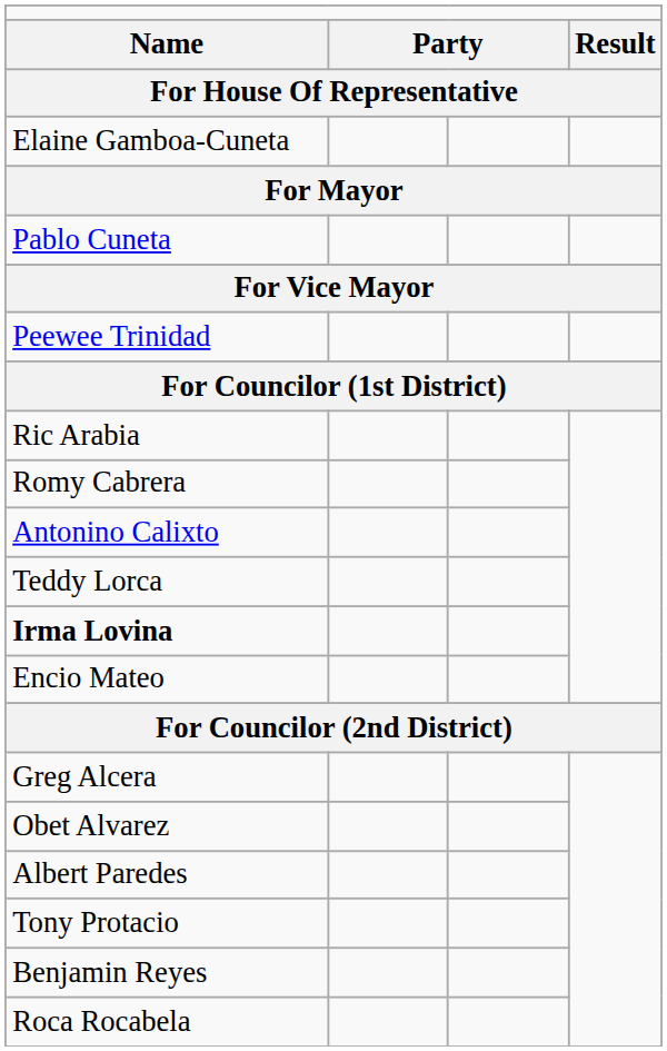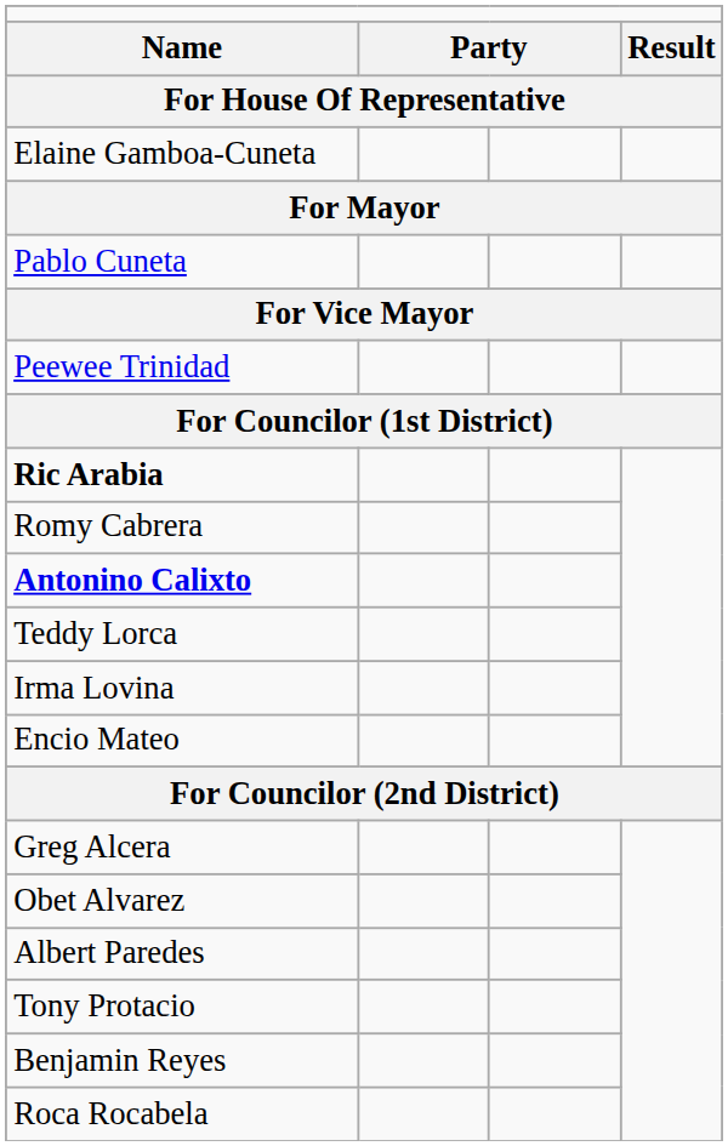 <table class="wikitable" style="font-size:90%">
 <tr>
 <td colspan="5"></td>
 </tr>
 <tr>
 <th width="150px">Name</th>
 <th colspan="2" width="110px">Party</th>
 <th>Result</th>
 </tr>
 <tr>
 <th colspan="5">For House Of Representative</th>
 </tr>
 <tr>
 <td>Elaine Gamboa-Cuneta</td>
 <td></td>
 <td></td>
 </tr>
 <tr>
 <th colspan="5">For Mayor</th>
 </tr>
 <tr>
 <td><a href='#'>Pablo Cuneta</a></td>
 <td></td>
 <td></td>
 </tr>
 <tr>
 <th colspan="5">For Vice Mayor</th>
 </tr>
 <tr>
 <td><a href='#'>Peewee Trinidad</a></td>
 <td></td>
 <td></td>
 </tr>
 <tr>
 <th colspan="5">For Councilor (1st District)</th>
 </tr>
 <tr>
-<td>Ric Arabia</td>
+<td><strong>Ric Arabia</strong></td>
 <td></td>
 <td></td>
 </tr>
 <tr>
 <td>Romy Cabrera</td>
 <td></td>
 <td></td>
 </tr>
 <tr>
-<td><a href='#'>Antonino Calixto</a></td>
+<td><strong><a href='#'>Antonino Calixto</a></strong></td>
 <td></td>
 <td></td>
 </tr>
 <tr>
 <td>Teddy Lorca</td>
 <td></td>
 <td></td>
 </tr>
 <tr>
-<td><strong>Irma Lovina</strong></td>
+<td>Irma Lovina</td>
 <td></td>
 <td></td>
 </tr>
 <tr>
 <td>Encio Mateo</td>
 <td></td>
 <td></td>
 </tr>
 <tr>
 <th colspan="5">For Councilor (2nd District)</th>
 </tr>
 <tr>
 <td>Greg Alcera</td>
 <td></td>
 <td></td>
 </tr>
 <tr>
 <td>Obet Alvarez</td>
 <td></td>
 <td></td>
 </tr>
 <tr>
 <td>Albert Paredes</td>
 <td></td>
 <td></td>
 </tr>
 <tr>
 <td>Tony Protacio</td>
 <td></td>
 <td></td>
 </tr>
 <tr>
 <td>Benjamin Reyes</td>
 <td></td>
 <td></td>
 </tr>
 <tr>
 <td>Roca Rocabela</td>
 <td></td>
 <td></td>
 </tr>
 </table>
